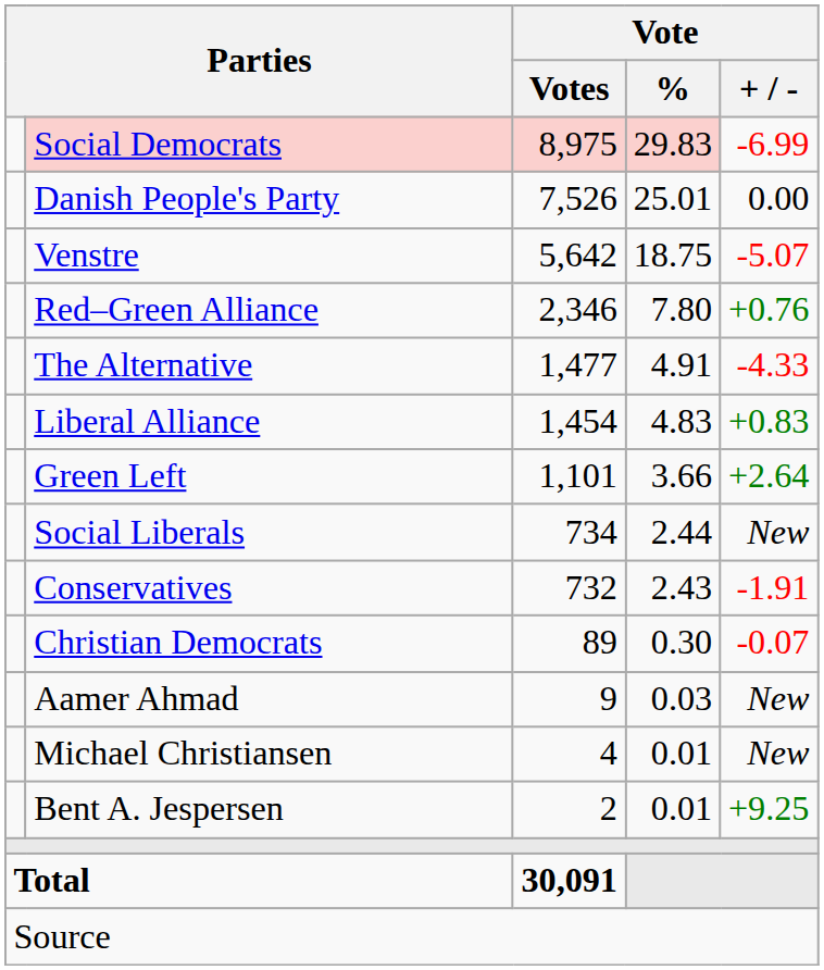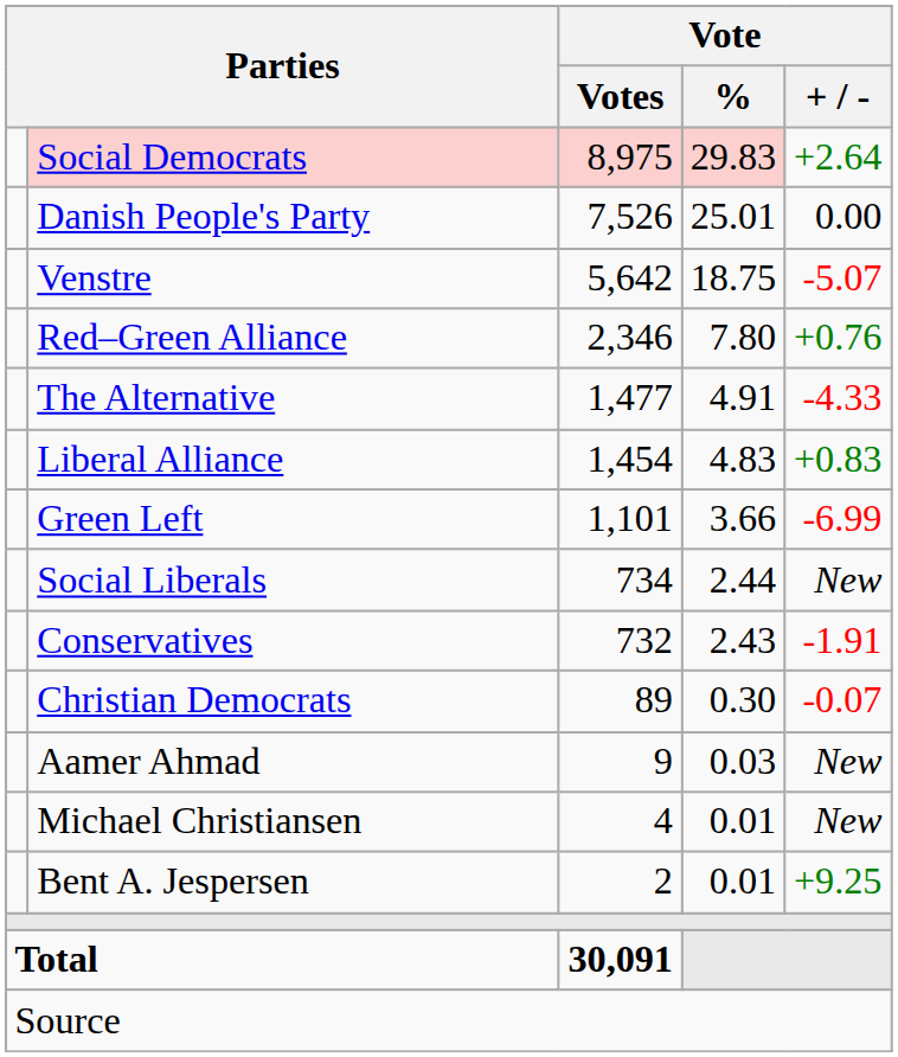 <table class="wikitable" style="text-align:right;">
 <tr>
 <th style="text-align:centre;" rowspan="2" colspan="2" width="225">Parties</th>
 <th colspan="3">Vote</th>
 </tr>
 <tr>
 <th width="15">Votes</th>
 <th width="15">%</th>
 <th width="15">+ / -</th>
 </tr>
 <tr>
 <td width="2" style="color:inherit;background:"></td>
 <td bgcolor=#fbd0ce  align="left"><a href='#'>Social Democrats</a></td>
 <td bgcolor=#fbd0ce>8,975</td>
 <td bgcolor=#fbd0ce>29.83</td>
-<td style=color:red;>-6.99</td>
+<td style=color:green;>+2.64</td>
 </tr>
 <tr>
 <td width="2" style="color:inherit;background:"></td>
 <td align="left"><a href='#'>Danish People's Party</a></td>
 <td>7,526</td>
 <td>25.01</td>
 <td>0.00</td>
 </tr>
 <tr>
 <td width="2" style="color:inherit;background:"></td>
 <td align="left"><a href='#'>Venstre</a></td>
 <td>5,642</td>
 <td>18.75</td>
 <td style=color:red;>-5.07</td>
 </tr>
 <tr>
 <td width="2" style="color:inherit;background:"></td>
 <td align="left"><a href='#'>Red–Green Alliance</a></td>
 <td>2,346</td>
 <td>7.80</td>
 <td style=color:green;>+0.76</td>
 </tr>
 <tr>
 <td width="2" style="color:inherit;background:"></td>
 <td align="left"><a href='#'>The Alternative</a></td>
 <td>1,477</td>
 <td>4.91</td>
 <td style=color:red;>-4.33</td>
 </tr>
 <tr>
 <td width="2" style="color:inherit;background:"></td>
 <td align="left"><a href='#'>Liberal Alliance</a></td>
 <td>1,454</td>
 <td>4.83</td>
 <td style=color:green;>+0.83</td>
 </tr>
 <tr>
 <td width="2" style="color:inherit;background:"></td>
 <td align="left"><a href='#'>Green Left</a></td>
 <td>1,101</td>
 <td>3.66</td>
-<td style=color:green;>+2.64</td>
+<td style=color:red;>-6.99</td>
 </tr>
 <tr>
 <td width="2" style="color:inherit;background:"></td>
 <td align="left"><a href='#'>Social Liberals</a></td>
 <td>734</td>
 <td>2.44</td>
 <td><em>New</em></td>
 </tr>
 <tr>
 <td width="2" style="color:inherit;background:"></td>
 <td align="left"><a href='#'>Conservatives</a></td>
 <td>732</td>
 <td>2.43</td>
 <td style=color:red;>-1.91</td>
 </tr>
 <tr>
 <td width="2" style="color:inherit;background:"></td>
 <td align="left"><a href='#'>Christian Democrats</a></td>
 <td>89</td>
 <td>0.30</td>
 <td style=color:red;>-0.07</td>
 </tr>
 <tr>
 <td width="2" style="color:inherit;background:"></td>
 <td align="left">Aamer Ahmad</td>
 <td>9</td>
 <td>0.03</td>
 <td><em>New</em></td>
 </tr>
 <tr>
 <td width="2" style="color:inherit;background:"></td>
 <td align="left">Michael Christiansen</td>
 <td>4</td>
 <td>0.01</td>
 <td><em>New</em></td>
 </tr>
 <tr>
 <td width="2" style="color:inherit;background:"></td>
 <td align="left">Bent A. Jespersen</td>
 <td>2</td>
 <td>0.01</td>
 <td style=color:green;>+9.25</td>
 </tr>
 <tr>
 <td colspan="7" bgcolor="#E9E9E9"></td>
 </tr>
 <tr>
 <td align="left" colspan="2"><strong>Total</strong></td>
 <td><strong>30,091</strong></td>
 <td bgcolor="#E9E9E9" colspan="2"></td>
 </tr>
 <tr>
 <td align="left" colspan="6">Source</td>
 </tr>
 </table>
